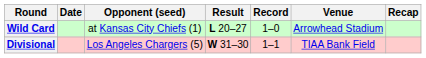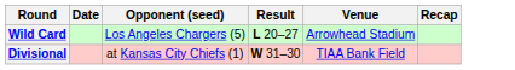 <table class="wikitable" style="text-align:center">
 <tr>
 <th>Round</th>
 <th>Date</th>
 <th>Opponent (seed)</th>
 <th>Result</th>
-<th>Record</th>
 <th>Venue</th>
 <th>Recap</th>
 </tr>
 <tr style="background:#cfc">
 <th><a href='#'>Wild Card</a></th>
 <td></td>
-<td>at <a href='#'>Kansas City Chiefs</a> (1)</td>
+<td><a href='#'>Los Angeles Chargers</a> (5)</td>
 <td><strong>L</strong> 20–27</td>
-<td>1–0</td>
 <td><a href='#'>Arrowhead Stadium</a></td>
 <td></td>
 </tr>
 <tr style="background:#fcc">
 <th><a href='#'>Divisional</a></th>
 <td></td>
-<td><a href='#'>Los Angeles Chargers</a> (5)</td>
+<td>at <a href='#'>Kansas City Chiefs</a> (1)</td>
 <td><strong>W</strong> 31–30</td>
-<td>1–1</td>
 <td><a href='#'>TIAA Bank Field</a></td>
 <td></td>
 </tr>
 </table>
